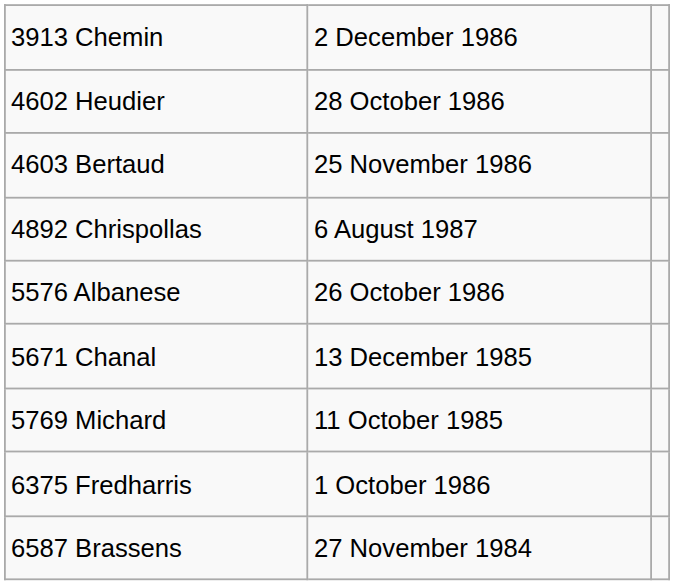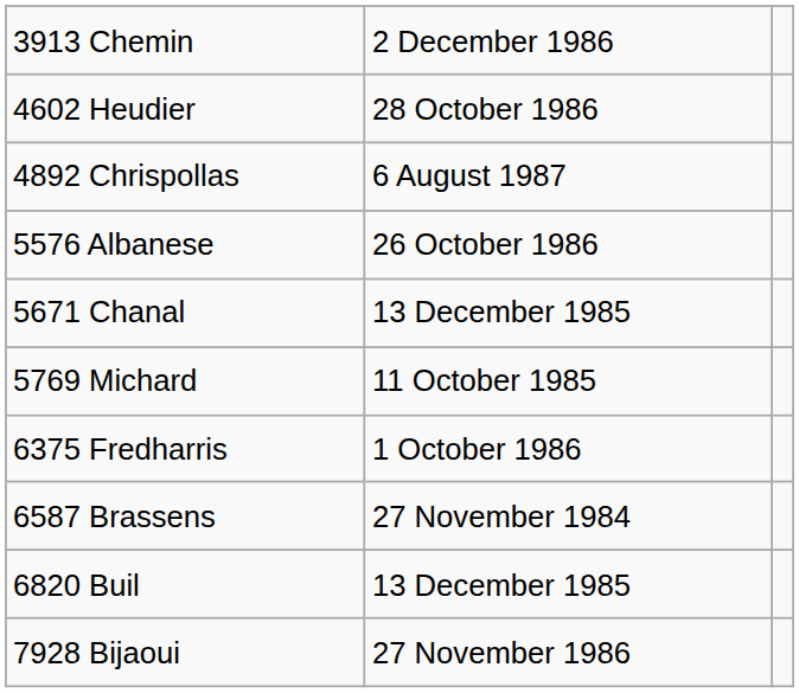 <table class="wikitable" style="font-size: 89%; float: left; width: 26em; margin-right: 1em; height: 320px;">
 <tr>
 <td>3913 Chemin</td>
 <td>2 December 1986</td>
 <td></td>
 </tr>
 <tr>
 <td>4602 Heudier</td>
 <td>28 October 1986</td>
-<td></td>
-</tr>
-<tr>
-<td>4603 Bertaud</td>
-<td>25 November 1986</td>
 <td></td>
 </tr>
 <tr>
 <td>4892 Chrispollas</td>
 <td>6 August 1987</td>
 <td></td>
 </tr>
 <tr>
 <td>5576 Albanese</td>
 <td>26 October 1986</td>
 <td></td>
 </tr>
 <tr>
 <td>5671 Chanal</td>
 <td>13 December 1985</td>
 <td></td>
 </tr>
 <tr>
 <td>5769 Michard</td>
 <td>11 October 1985</td>
 <td></td>
 </tr>
 <tr>
 <td>6375 Fredharris</td>
 <td>1 October 1986</td>
 <td></td>
 </tr>
 <tr>
 <td>6587 Brassens</td>
 <td>27 November 1984</td>
 <td></td>
 </tr>
+<tr>
+<td>6820 Buil</td>
+<td>13 December 1985</td>
+<td></td>
+</tr>
+<tr>
+<td>7928 Bijaoui</td>
+<td>27 November 1986</td>
+<td></td>
+</tr>
 </table>
